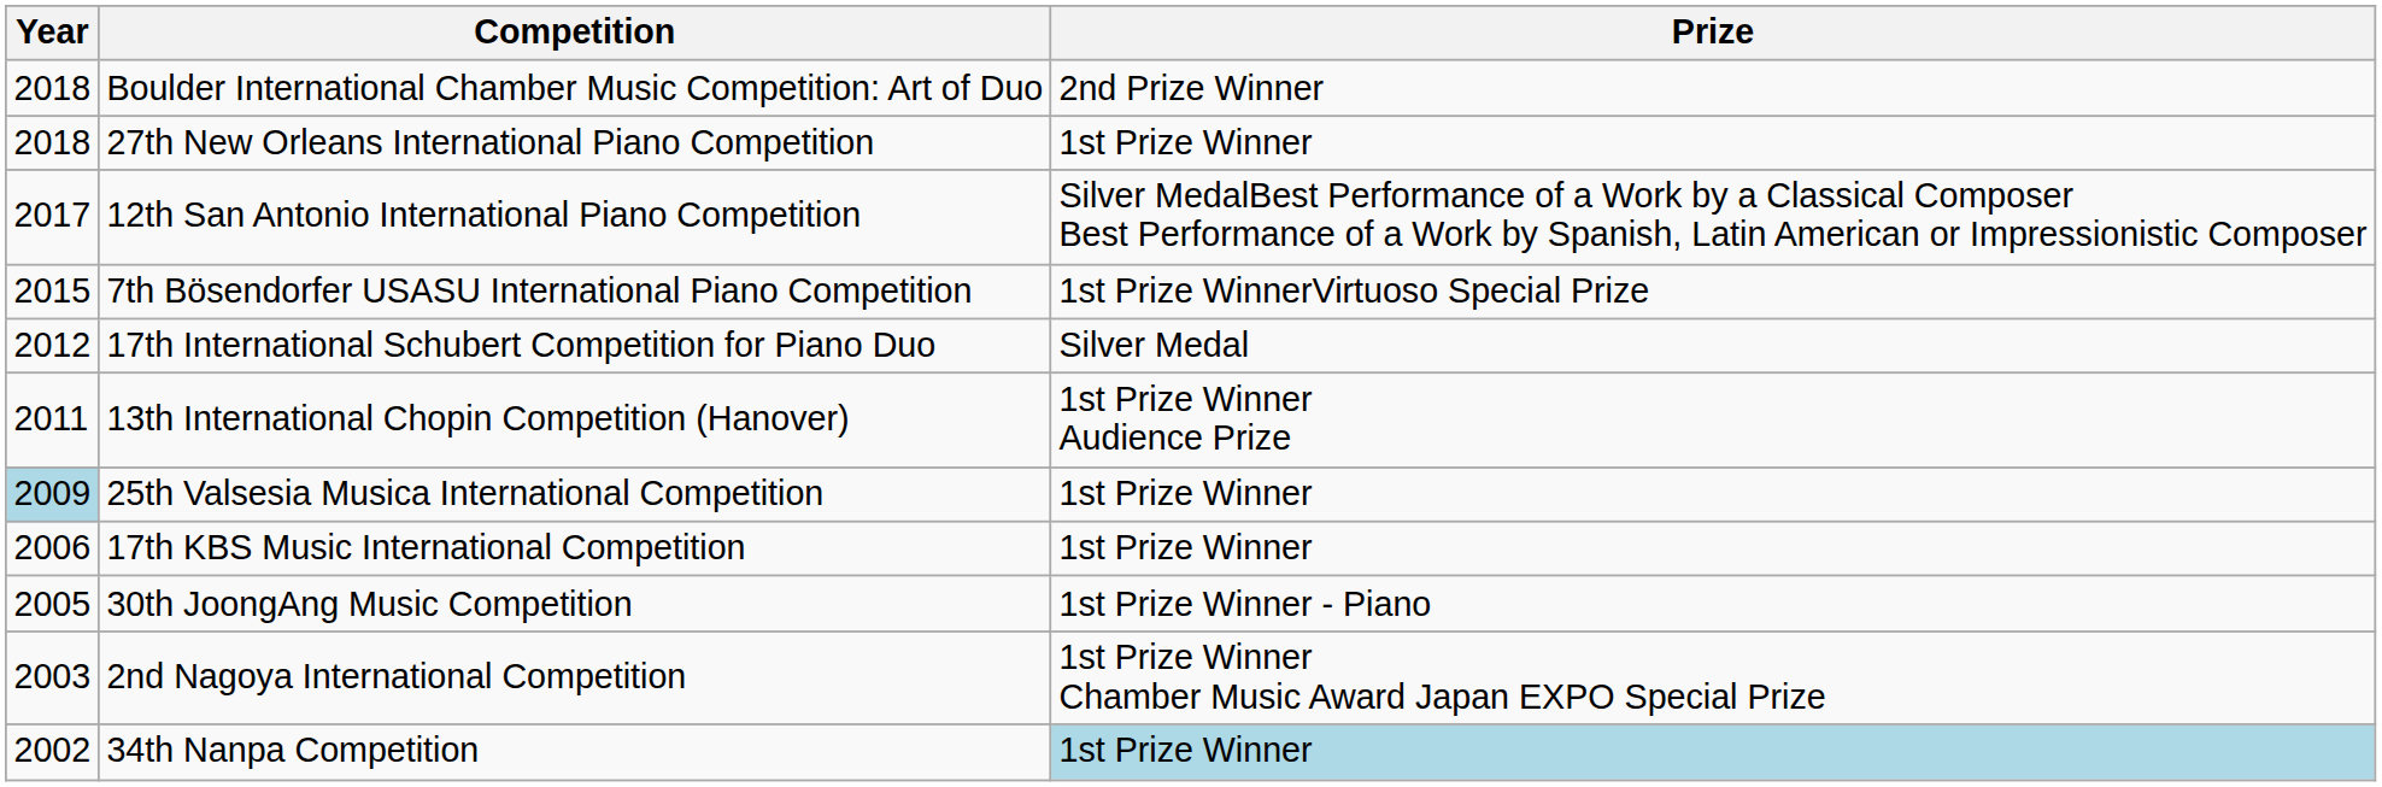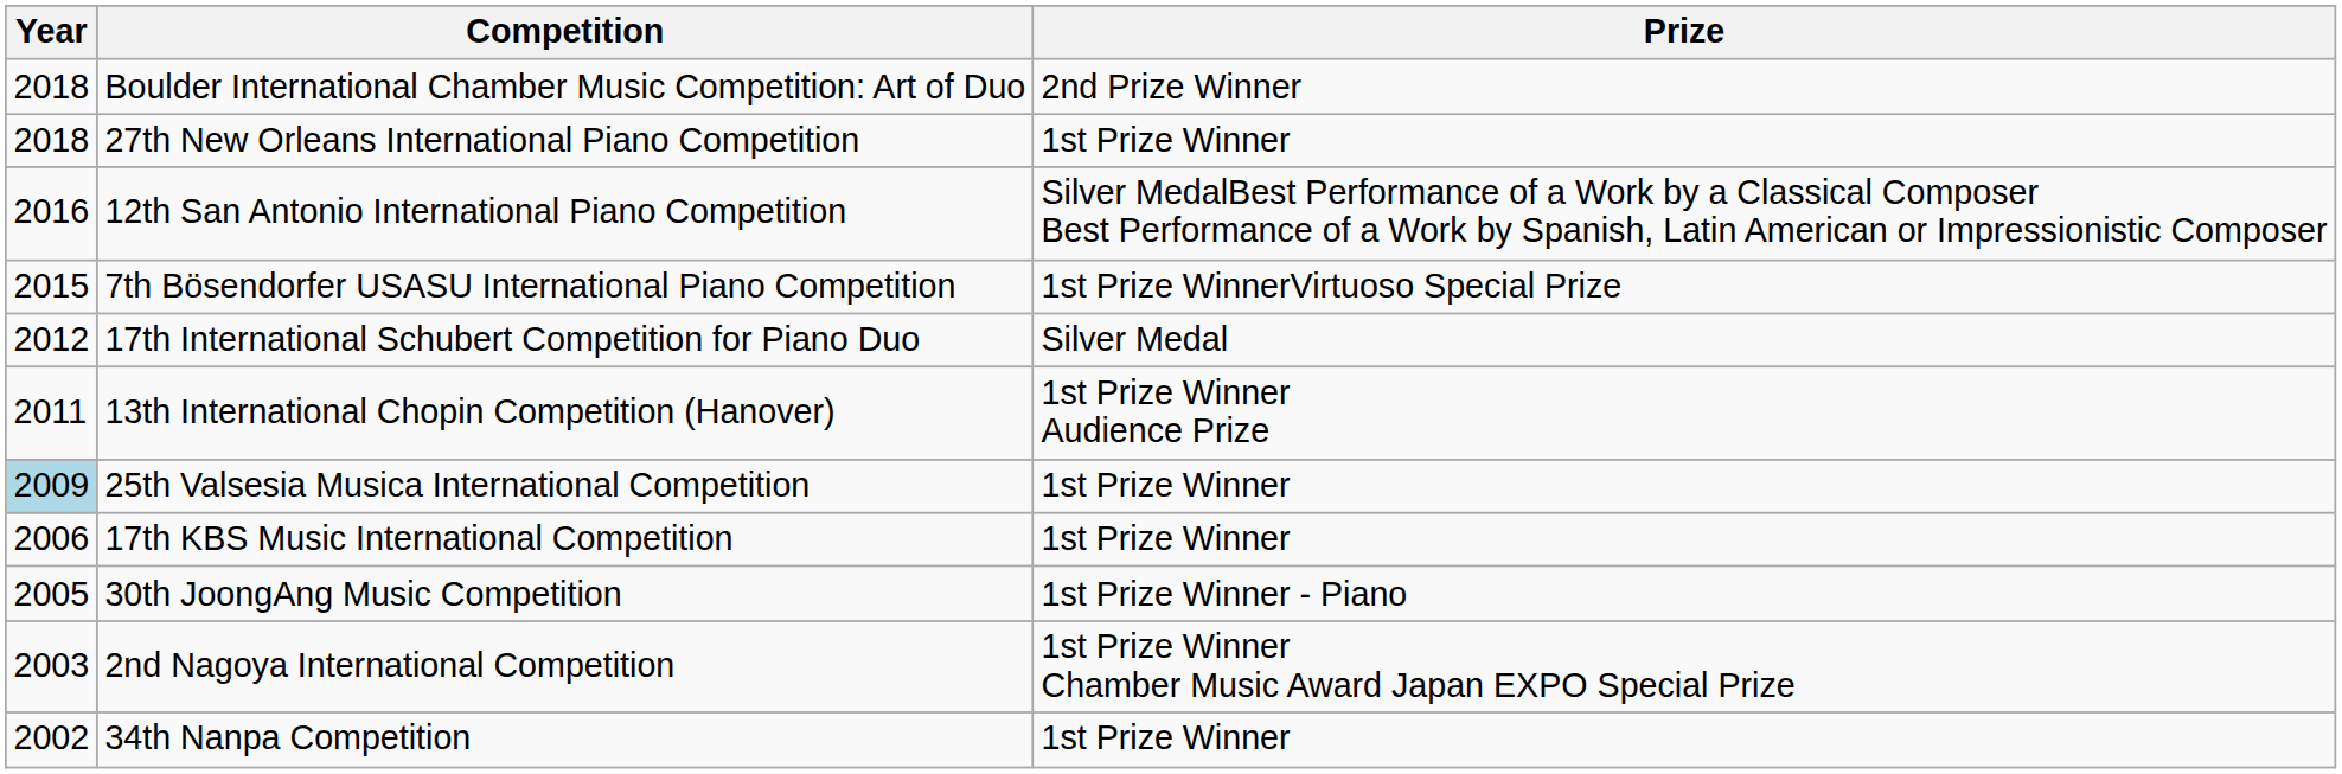 <table class="wikitable">
 <tr>
 <th>Year</th>
 <th>Competition</th>
 <th>Prize</th>
 </tr>
 <tr>
 <td>2018</td>
 <td>Boulder International Chamber Music Competition: Art of Duo</td>
 <td>2nd Prize Winner</td>
 </tr>
 <tr>
 <td>2018</td>
 <td>27th New Orleans International Piano Competition</td>
 <td>1st Prize Winner</td>
 </tr>
 <tr>
-<td>2017</td>
+<td>2016</td>
 <td>12th San Antonio International Piano Competition</td>
 <td>Silver MedalBest Performance of a Work by a Classical Composer<br>Best Performance of a Work by Spanish, Latin American or Impressionistic Composer</td>
 </tr>
 <tr>
 <td>2015</td>
 <td>7th Bösendorfer USASU International Piano Competition</td>
 <td>1st Prize WinnerVirtuoso Special Prize</td>
 </tr>
 <tr>
 <td>2012</td>
 <td>17th International Schubert Competition for Piano Duo</td>
 <td>Silver Medal</td>
 </tr>
 <tr>
 <td>2011</td>
 <td>13th International Chopin Competition (Hanover)</td>
 <td>1st Prize Winner<br>Audience Prize</td>
 </tr>
 <tr>
 <td style="background: lightblue;">2009</td>
 <td>25th Valsesia Musica International Competition</td>
 <td>1st Prize Winner</td>
 </tr>
 <tr>
 <td>2006</td>
 <td>17th KBS Music International Competition</td>
 <td>1st Prize Winner</td>
 </tr>
 <tr>
 <td>2005</td>
 <td>30th JoongAng Music Competition</td>
 <td>1st Prize Winner - Piano</td>
 </tr>
 <tr>
 <td>2003</td>
 <td>2nd Nagoya International Competition</td>
 <td>1st Prize Winner<br>Chamber Music Award Japan EXPO Special Prize</td>
 </tr>
 <tr>
 <td>2002</td>
 <td>34th Nanpa Competition</td>
-<td style="background: lightblue;">1st Prize Winner</td>
+<td>1st Prize Winner</td>
 </tr>
 </table>
